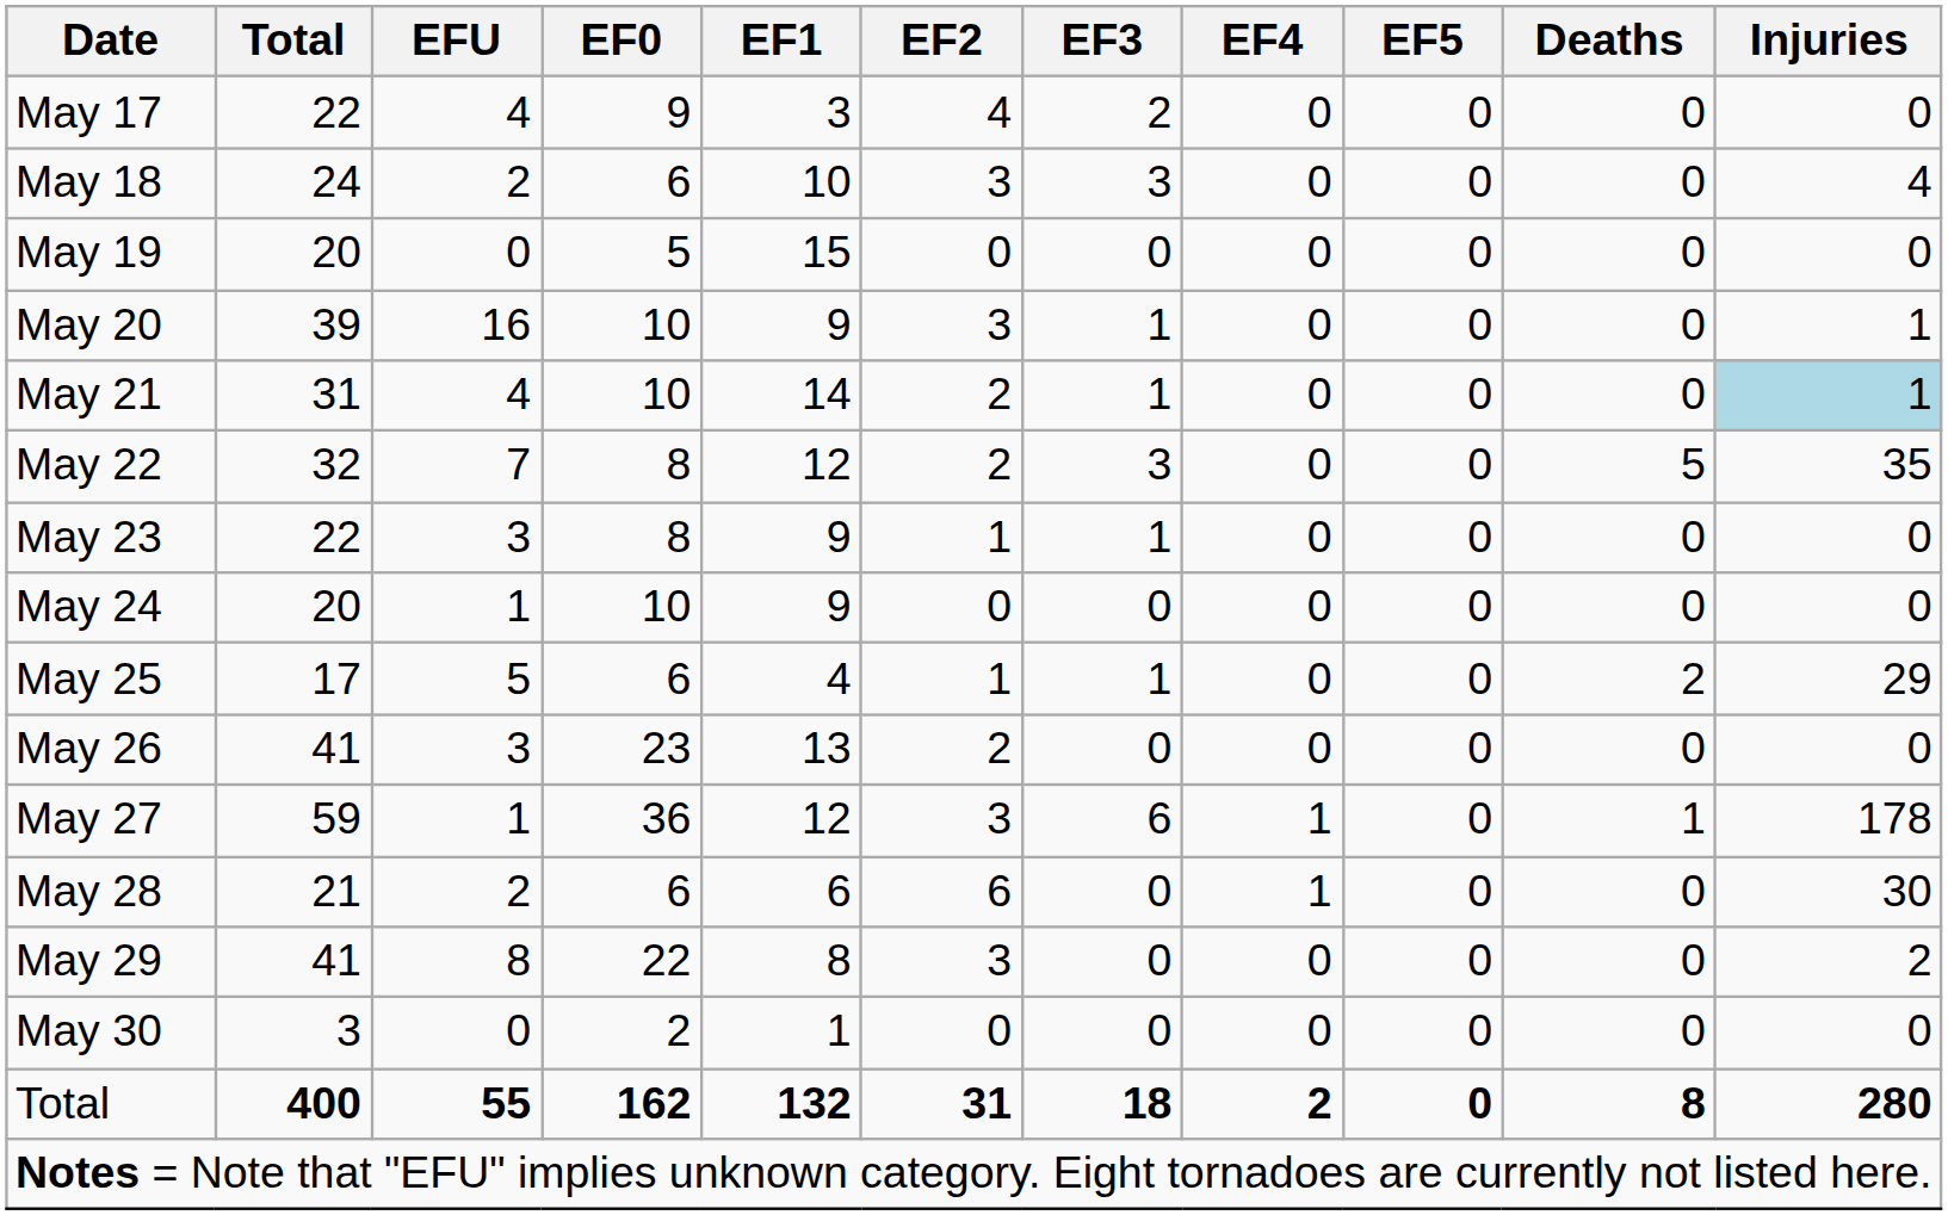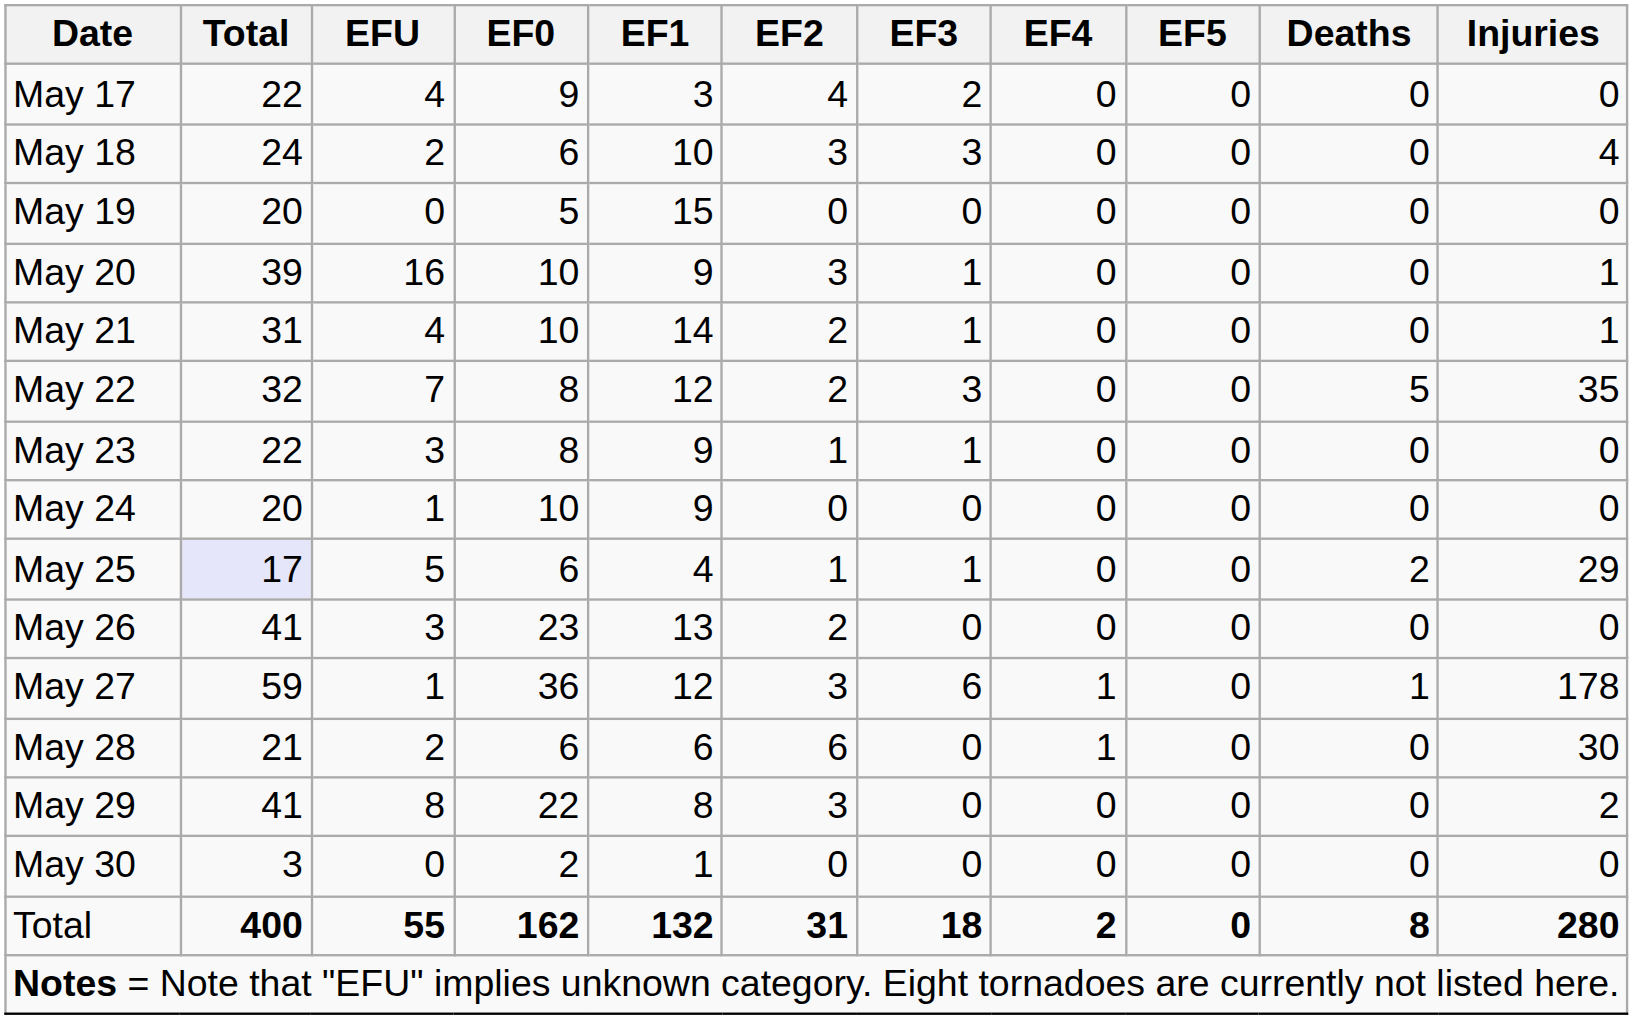 <table class="wikitable sortable" style="margin: 1em auto 1em auto;">
 <tr>
 <th scope="col">Date</th>
 <th scope="col" style="text-align:center;">Total</th>
 <th scope="col" style="text-align:center;"> EFU </th>
 <th scope="col" style="text-align:center;"> EF0 </th>
 <th scope="col" style="text-align:center;"> EF1 </th>
 <th scope="col" style="text-align:center;"> EF2 </th>
 <th scope="col" style="text-align:center;"> EF3 </th>
 <th scope="col" style="text-align:center;"> EF4 </th>
 <th scope="col" style="text-align:center;"> EF5 </th>
 <th scope="col" style="text-align:center;">Deaths</th>
 <th scope="col" style="text-align:center;">Injuries</th>
 </tr>
 <tr>
 <td>May 17</td>
 <td align="right">22</td>
 <td align="right">4</td>
 <td align="right">9</td>
 <td align="right">3</td>
 <td align="right">4</td>
 <td align="right">2</td>
 <td align="right">0</td>
 <td align="right">0</td>
 <td align="right">0</td>
 <td align="right">0</td>
 </tr>
 <tr>
 <td>May 18</td>
 <td align="right">24</td>
 <td align="right">2</td>
 <td align="right">6</td>
 <td align="right">10</td>
 <td align="right">3</td>
 <td align="right">3</td>
 <td align="right">0</td>
 <td align="right">0</td>
 <td align="right">0</td>
 <td align="right">4</td>
 </tr>
 <tr>
 <td>May 19</td>
 <td align="right">20</td>
 <td align="right">0</td>
 <td align="right">5</td>
 <td align="right">15</td>
 <td align="right">0</td>
 <td align="right">0</td>
 <td align="right">0</td>
 <td align="right">0</td>
 <td align="right">0</td>
 <td align="right">0</td>
 </tr>
 <tr>
 <td>May 20</td>
 <td align="right">39</td>
 <td align="right">16</td>
 <td align="right">10</td>
 <td align="right">9</td>
 <td align="right">3</td>
 <td align="right">1</td>
 <td align="right">0</td>
 <td align="right">0</td>
 <td align="right">0</td>
 <td align="right">1</td>
 </tr>
 <tr>
 <td>May 21</td>
 <td align="right">31</td>
 <td align="right">4</td>
 <td align="right">10</td>
 <td align="right">14</td>
 <td align="right">2</td>
 <td align="right">1</td>
 <td align="right">0</td>
 <td align="right">0</td>
 <td align="right">0</td>
-<td align="right" style="background: lightblue;">1</td>
+<td align="right">1</td>
 </tr>
 <tr>
 <td>May 22</td>
 <td align="right">32</td>
 <td align="right">7</td>
 <td align="right">8</td>
 <td align="right">12</td>
 <td align="right">2</td>
 <td align="right">3</td>
 <td align="right">0</td>
 <td align="right">0</td>
 <td align="right">5</td>
 <td align="right">35</td>
 </tr>
 <tr>
 <td>May 23</td>
 <td align="right">22</td>
 <td align="right">3</td>
 <td align="right">8</td>
 <td align="right">9</td>
 <td align="right">1</td>
 <td align="right">1</td>
 <td align="right">0</td>
 <td align="right">0</td>
 <td align="right">0</td>
 <td align="right">0</td>
 </tr>
 <tr>
 <td>May 24</td>
 <td align="right">20</td>
 <td align="right">1</td>
 <td align="right">10</td>
 <td align="right">9</td>
 <td align="right">0</td>
 <td align="right">0</td>
 <td align="right">0</td>
 <td align="right">0</td>
 <td align="right">0</td>
 <td align="right">0</td>
 </tr>
 <tr>
 <td>May 25</td>
-<td align="right">17</td>
+<td align="right" style="background: lavender;">17</td>
 <td align="right">5</td>
 <td align="right">6</td>
 <td align="right">4</td>
 <td align="right">1</td>
 <td align="right">1</td>
 <td align="right">0</td>
 <td align="right">0</td>
 <td align="right">2</td>
 <td align="right">29</td>
 </tr>
 <tr>
 <td>May 26</td>
 <td align="right">41</td>
 <td align="right">3</td>
 <td align="right">23</td>
 <td align="right">13</td>
 <td align="right">2</td>
 <td align="right">0</td>
 <td align="right">0</td>
 <td align="right">0</td>
 <td align="right">0</td>
 <td align="right">0</td>
 </tr>
 <tr>
 <td>May 27</td>
 <td align="right">59</td>
 <td align="right">1</td>
 <td align="right">36</td>
 <td align="right">12</td>
 <td align="right">3</td>
 <td align="right">6</td>
 <td align="right">1</td>
 <td align="right">0</td>
 <td align="right">1</td>
 <td align="right">178</td>
 </tr>
 <tr>
 <td>May 28</td>
 <td align="right">21</td>
 <td align="right">2</td>
 <td align="right">6</td>
 <td align="right">6</td>
 <td align="right">6</td>
 <td align="right">0</td>
 <td align="right">1</td>
 <td align="right">0</td>
 <td align="right">0</td>
 <td align="right">30</td>
 </tr>
 <tr>
 <td>May 29</td>
 <td align="right">41</td>
 <td align="right">8</td>
 <td align="right">22</td>
 <td align="right">8</td>
 <td align="right">3</td>
 <td align="right">0</td>
 <td align="right">0</td>
 <td align="right">0</td>
 <td align="right">0</td>
 <td align="right">2</td>
 </tr>
 <tr>
 <td>May 30</td>
 <td align="right">3</td>
 <td align="right">0</td>
 <td align="right">2</td>
 <td align="right">1</td>
 <td align="right">0</td>
 <td align="right">0</td>
 <td align="right">0</td>
 <td align="right">0</td>
 <td align="right">0</td>
 <td align="right">0</td>
 </tr>
 <tr class="sortbottom">
 <td>Total</td>
 <td align="right"><strong>400</strong></td>
 <td align="right"><strong>55</strong></td>
 <td align="right"><strong>162</strong></td>
 <td align="right"><strong>132</strong></td>
 <td align="right"><strong>31</strong></td>
 <td align="right"><strong>18</strong></td>
 <td align="right"><strong>2</strong></td>
 <td align="right"><strong>0</strong></td>
 <td style="text-align:right;"><strong>8</strong></td>
 <td style="text-align:right;"><strong>280</strong></td>
 </tr>
 <tr>
 <td colspan="11" style=" border-bottom: 1px solid black;"><strong>Notes</strong> = Note that "EFU" implies unknown category. Eight tornadoes are currently not listed here.</td>
 </tr>
 </table>
